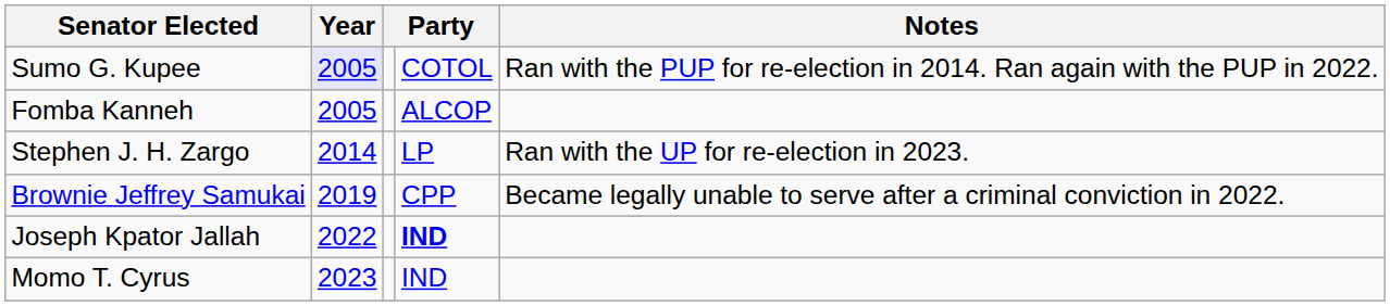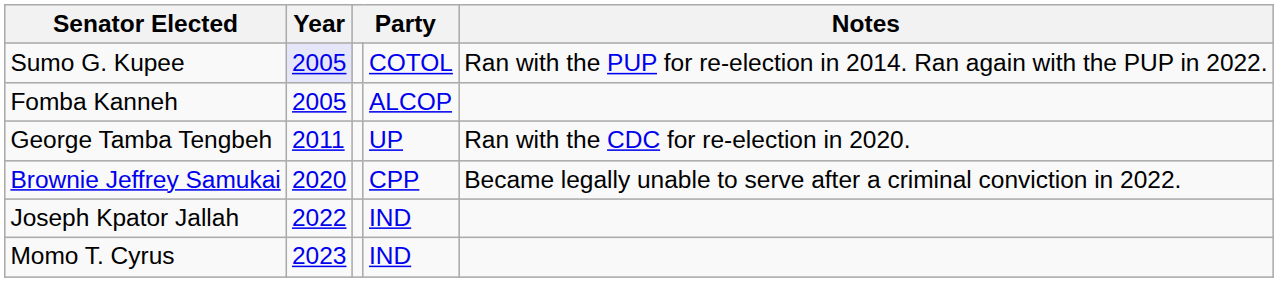 <table class="wikitable">
 <tr>
 <th>Senator Elected</th>
 <th>Year</th>
 <th colspan=2>Party</th>
 <th>Notes</th>
 </tr>
 <tr>
 <td>Sumo G. Kupee</td>
 <td style="background: lavender;"><a href='#'>2005</a></td>
 <td></td>
 <td><a href='#'>COTOL</a></td>
 <td>Ran with the <a href='#'>PUP</a> for re-election in 2014. Ran again with the PUP in 2022.</td>
 </tr>
 <tr>
 <td>Fomba Kanneh</td>
 <td><a href='#'>2005</a></td>
 <td></td>
 <td><a href='#'>ALCOP</a></td>
 <td></td>
 </tr>
 <tr>
-<td>Stephen J. H. Zargo</td>
-<td><a href='#'>2014</a></td>
+<td>George Tamba Tengbeh</td>
+<td><a href='#'>2011</a></td>
 <td></td>
-<td><a href='#'>LP</a></td>
-<td>Ran with the <a href='#'>UP</a> for re-election in 2023.</td>
+<td><a href='#'>UP</a></td>
+<td>Ran with the <a href='#'>CDC</a> for re-election in 2020.</td>
 </tr>
 <tr>
 <td><a href='#'>Brownie Jeffrey Samukai</a></td>
-<td><a href='#'>2019</a></td>
+<td><a href='#'>2020</a></td>
 <td></td>
 <td><a href='#'>CPP</a></td>
 <td>Became legally unable to serve after a criminal conviction in 2022.</td>
 </tr>
 <tr>
 <td>Joseph Kpator Jallah</td>
 <td><a href='#'>2022</a></td>
 <td></td>
-<td><strong><a href='#'>IND</a></strong></td>
+<td><a href='#'>IND</a></td>
 <td></td>
 </tr>
 <tr>
 <td>Momo T. Cyrus</td>
 <td><a href='#'>2023</a></td>
 <td></td>
 <td><a href='#'>IND</a></td>
 <td></td>
 </tr>
 </table>
